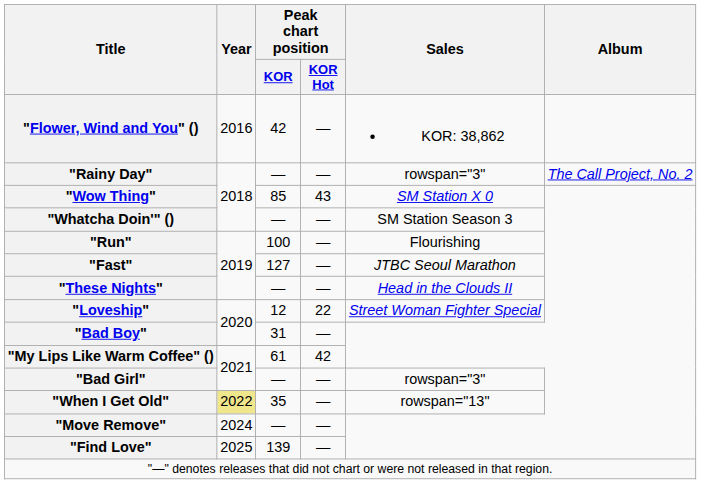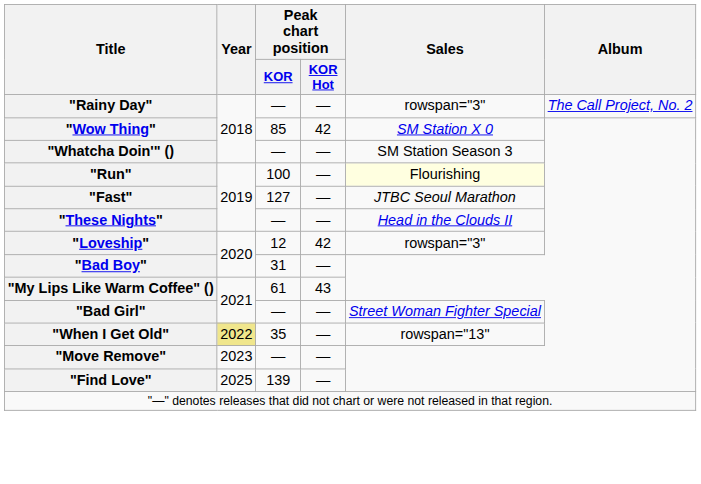 <table class="wikitable plainrowheaders" style="text-align:center;">
 <tr>
 <th scope="col" rowspan="2">Title</th>
 <th scope="col" rowspan="2">Year</th>
 <th scope="col" colspan="2">Peak<br>chart<br>position</th>
 <th scope="col" rowspan="2">Sales</th>
 <th scope="col" rowspan="2">Album</th>
 </tr>
 <tr>
 <th scope="col" style="width:3em;font-size:90%;"><a href='#'>KOR</a><br></th>
 <th scope="col" style="width:3em;font-size:90%;"><a href='#'>KOR<br>Hot</a><br></th>
 </tr>
 <tr>
-<th scope="row">"<a href='#'>Flower, Wind and You</a>" ()<br></th>
-<td>2016</td>
-<td>42</td>
-<td>—</td>
-<td><br><ul><li>KOR: 38,862</li></ul></td>
-<td></td>
-</tr>
-<tr>
 <th scope="row">"Rainy Day"<br></th>
 <td rowspan="3">2018</td>
 <td>—</td>
 <td>—</td>
 <td>rowspan="3" </td>
 <td><em><a href='#'>The Call Project, No. 2</a></em></td>
 </tr>
 <tr>
 <th scope="row">"<a href='#'>Wow Thing</a>"<br></th>
 <td>85</td>
-<td>43</td>
+<td>42</td>
 <td><em><a href='#'>SM Station X 0</a></em></td>
 </tr>
 <tr>
 <th scope="row">"Whatcha Doin'" ()<br></th>
 <td>—</td>
 <td>—</td>
 <td>SM Station Season 3</td>
 </tr>
 <tr>
 <th scope="row">"Run"<br></th>
 <td rowspan="3">2019</td>
 <td>100</td>
 <td>—</td>
-<td>Flourishing</td>
+<td style="background: lightyellow;">Flourishing</td>
 </tr>
 <tr>
 <th scope="row">"Fast"<br></th>
 <td>127</td>
 <td>—</td>
 <td><em>JTBC Seoul Marathon</em></td>
 </tr>
 <tr>
 <th scope="row">"<a href='#'>These Nights</a>"<br></th>
 <td>—</td>
 <td>—</td>
 <td><em><a href='#'>Head in the Clouds II</a></em></td>
 </tr>
 <tr>
 <th scope="row">"<a href='#'>Loveship</a>"<br></th>
 <td rowspan="2">2020</td>
 <td>12</td>
-<td>22</td>
-<td><em><a href='#'>Street Woman Fighter Special</a></em></td>
+<td>42</td>
+<td>rowspan="3" </td>
 </tr>
 <tr>
 <th scope="row">"<a href='#'>Bad Boy</a>"<br></th>
 <td>31</td>
 <td>—</td>
 </tr>
 <tr>
 <th scope="row">"My Lips Like Warm Coffee" ()<br></th>
 <td rowspan="2">2021</td>
 <td>61</td>
-<td>42</td>
+<td>43</td>
 </tr>
 <tr>
 <th scope="row">"Bad Girl" </th>
 <td>—</td>
 <td>—</td>
-<td>rowspan="3" </td>
+<td><em><a href='#'>Street Woman Fighter Special</a></em></td>
 </tr>
 <tr>
 <th scope="row">"When I Get Old"<br></th>
 <td style="background: khaki;">2022</td>
 <td>35</td>
 <td>—</td>
 <td>rowspan="13" </td>
 </tr>
 <tr>
 <th scope="row">"Move Remove"<br></th>
-<td>2024</td>
+<td>2023</td>
 <td>—</td>
 <td>—</td>
 </tr>
 <tr>
 <th scope="row">"Find Love" </th>
 <td>2025</td>
 <td>139</td>
 <td>—</td>
 </tr>
 <tr>
 <td colspan="6" style="font-size:85%;">"—" denotes releases that did not chart or were not released in that region.</td>
 </tr>
 </table>
